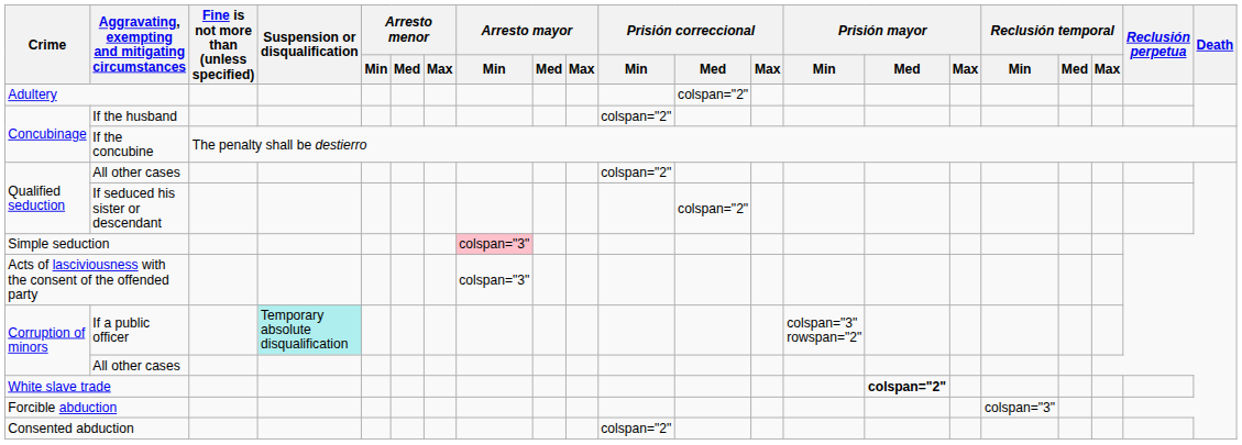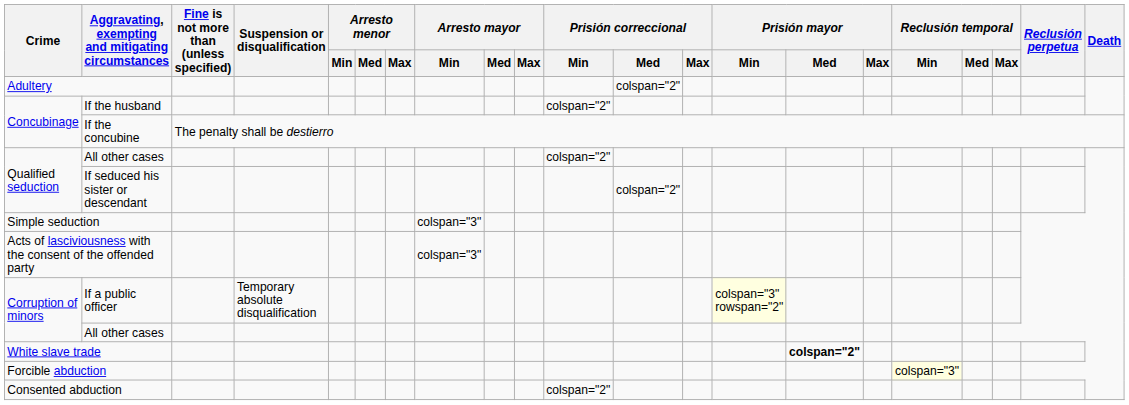 <table class="wikitable" style="font-size:85%;" width="100%">
 <tr>
 <th rowspan="2">Crime</th>
 <th rowspan="2"><a href='#'>Aggravating</a>, <a href='#'>exempting and mitigating circumstances</a></th>
 <th rowspan="2"><a href='#'>Fine</a> is not more than (unless specified)</th>
 <th rowspan="2">Suspension or disqualification</th>
 <th colspan="3"><em>Arresto menor</em></th>
 <th colspan="3"><em>Arresto mayor</em></th>
 <th colspan="3"><em>Prisión correccional</em></th>
 <th colspan="3"><em>Prisión mayor</em></th>
 <th colspan="3"><em>Reclusión temporal</em></th>
 <th rowspan="2"><em><a href='#'>Reclusión perpetua</a></em></th>
 <th rowspan="2"><a href='#'>Death</a></th>
 </tr>
 <tr>
 <th>Min</th>
 <th>Med</th>
 <th>Max</th>
 <th>Min</th>
 <th>Med</th>
 <th>Max</th>
 <th>Min</th>
 <th>Med</th>
 <th>Max</th>
 <th>Min</th>
 <th>Med</th>
 <th>Max</th>
 <th>Min</th>
 <th>Med</th>
 <th>Max</th>
 </tr>
 <tr>
 <td colspan="2"><a href='#'>Adultery</a></td>
 <td></td>
 <td></td>
 <td></td>
 <td></td>
 <td></td>
 <td></td>
 <td></td>
 <td></td>
 <td></td>
 <td>colspan="2" </td>
 <td></td>
 <td></td>
 <td></td>
 <td></td>
 <td></td>
 <td></td>
 <td></td>
 <td></td>
 </tr>
 <tr>
 <td rowspan="2"><a href='#'>Concubinage</a></td>
 <td>If the husband</td>
 <td></td>
 <td></td>
 <td></td>
 <td></td>
 <td></td>
 <td></td>
 <td></td>
 <td></td>
 <td>colspan="2" </td>
 <td></td>
 <td></td>
 <td></td>
 <td></td>
 <td></td>
 <td></td>
 <td></td>
 <td></td>
 <td></td>
 </tr>
 <tr>
 <td>If the concubine</td>
 <td colspan="19">The penalty shall be <em>destierro</em></td>
 </tr>
 <tr>
 <td rowspan="2">Qualified <a href='#'>seduction</a></td>
 <td>All other cases</td>
 <td></td>
 <td></td>
 <td></td>
 <td></td>
 <td></td>
 <td></td>
 <td></td>
 <td></td>
 <td>colspan="2" </td>
 <td></td>
 <td></td>
 <td></td>
 <td></td>
 <td></td>
 <td></td>
 <td></td>
 <td></td>
 <td></td>
 </tr>
 <tr>
 <td>If seduced his sister or descendant</td>
 <td></td>
 <td></td>
 <td></td>
 <td></td>
 <td></td>
 <td></td>
 <td></td>
 <td></td>
 <td></td>
 <td>colspan="2" </td>
 <td></td>
 <td></td>
 <td></td>
 <td></td>
 <td></td>
 <td></td>
 <td></td>
 <td></td>
 </tr>
 <tr>
 <td colspan="2">Simple seduction</td>
 <td></td>
 <td></td>
 <td></td>
 <td></td>
 <td></td>
-<td style="background: pink;">colspan="3" </td>
+<td>colspan="3" </td>
 <td></td>
 <td></td>
 <td></td>
 <td></td>
 <td></td>
 <td></td>
 <td></td>
 <td></td>
 <td></td>
 <td></td>
 <td></td>
 </tr>
 <tr>
 <td colspan="2">Acts of <a href='#'>lasciviousness</a> with the consent of the offended party</td>
 <td></td>
 <td></td>
 <td></td>
 <td></td>
 <td></td>
 <td>colspan="3" </td>
 <td></td>
 <td></td>
 <td></td>
 <td></td>
 <td></td>
 <td></td>
 <td></td>
 <td></td>
 <td></td>
 <td></td>
 <td></td>
 </tr>
 <tr>
 <td rowspan="2"><a href='#'>Corruption of minors</a></td>
 <td>If a public officer</td>
 <td></td>
-<td style="background: paleturquoise;">Temporary absolute disqualification</td>
+<td>Temporary absolute disqualification</td>
 <td></td>
 <td></td>
 <td></td>
 <td></td>
 <td></td>
 <td></td>
 <td></td>
 <td></td>
 <td></td>
-<td>colspan="3" rowspan="2" </td>
+<td style="background: lightyellow;">colspan="3" rowspan="2" </td>
 <td></td>
 <td></td>
 <td></td>
 <td></td>
 <td></td>
 </tr>
 <tr>
 <td>All other cases</td>
 <td></td>
 <td></td>
 <td></td>
 <td></td>
 <td></td>
 <td></td>
 <td></td>
 <td></td>
 <td></td>
 <td></td>
 <td></td>
 <td></td>
 <td></td>
 <td></td>
 <td></td>
 <td></td>
 </tr>
 <tr>
 <td colspan="2"><a href='#'>White slave trade</a></td>
 <td></td>
 <td></td>
 <td></td>
 <td></td>
 <td></td>
 <td></td>
 <td></td>
 <td></td>
 <td></td>
 <td></td>
 <td></td>
 <td></td>
 <td><strong>colspan="2" </strong></td>
 <td></td>
 <td></td>
 <td></td>
 <td></td>
 <td></td>
 </tr>
 <tr>
 <td colspan="2">Forcible <a href='#'>abduction</a></td>
 <td></td>
 <td></td>
 <td></td>
 <td></td>
 <td></td>
 <td></td>
 <td></td>
 <td></td>
 <td></td>
 <td></td>
 <td></td>
 <td></td>
 <td></td>
 <td></td>
-<td>colspan="3" </td>
+<td style="background: lightyellow;">colspan="3" </td>
 <td></td>
 <td></td>
 </tr>
 <tr>
 <td colspan="2">Consented abduction</td>
 <td></td>
 <td></td>
 <td></td>
 <td></td>
 <td></td>
 <td></td>
 <td></td>
 <td></td>
 <td>colspan="2" </td>
 <td></td>
 <td></td>
 <td></td>
 <td></td>
 <td></td>
 <td></td>
 <td></td>
 <td></td>
 <td></td>
 </tr>
 </table>
